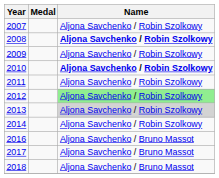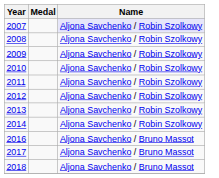 <table class="wikitable" style="font-size:90%">
 <tr>
 <th>Year</th>
 <th>Medal</th>
 <th>Name</th>
 </tr>
 <tr>
 <td><a href='#'>2007</a></td>
 <td></td>
-<td><a href='#'>Aljona Savchenko</a> / <a href='#'>Robin Szolkowy</a></td>
+<td style="background: lavender;"><a href='#'>Aljona Savchenko</a> / <a href='#'>Robin Szolkowy</a></td>
 </tr>
 <tr>
 <td><a href='#'>2008</a></td>
 <td></td>
-<td><strong><a href='#'>Aljona Savchenko</a> / <a href='#'>Robin Szolkowy</a></strong></td>
+<td><a href='#'>Aljona Savchenko</a> / <a href='#'>Robin Szolkowy</a></td>
 </tr>
 <tr>
 <td><a href='#'>2009</a></td>
 <td></td>
 <td><a href='#'>Aljona Savchenko</a> / <a href='#'>Robin Szolkowy</a></td>
 </tr>
 <tr>
 <td><a href='#'>2010</a></td>
 <td></td>
-<td><strong><a href='#'>Aljona Savchenko</a> / <a href='#'>Robin Szolkowy</a></strong></td>
+<td><a href='#'>Aljona Savchenko</a> / <a href='#'>Robin Szolkowy</a></td>
 </tr>
 <tr>
 <td><a href='#'>2011</a></td>
 <td></td>
 <td><a href='#'>Aljona Savchenko</a> / <a href='#'>Robin Szolkowy</a></td>
 </tr>
 <tr>
 <td><a href='#'>2012</a></td>
 <td></td>
-<td style="background: lightgreen;"><a href='#'>Aljona Savchenko</a> / <a href='#'>Robin Szolkowy</a></td>
+<td><a href='#'>Aljona Savchenko</a> / <a href='#'>Robin Szolkowy</a></td>
 </tr>
 <tr>
 <td><a href='#'>2013</a></td>
 <td></td>
-<td style="background: lightgrey;"><a href='#'>Aljona Savchenko</a> / <a href='#'>Robin Szolkowy</a></td>
+<td><a href='#'>Aljona Savchenko</a> / <a href='#'>Robin Szolkowy</a></td>
 </tr>
 <tr>
 <td><a href='#'>2014</a></td>
 <td></td>
 <td><a href='#'>Aljona Savchenko</a> / <a href='#'>Robin Szolkowy</a></td>
 </tr>
 <tr>
 <td><a href='#'>2016</a></td>
 <td></td>
 <td><a href='#'>Aljona Savchenko</a> / <a href='#'>Bruno Massot</a></td>
 </tr>
 <tr>
 <td><a href='#'>2017</a></td>
 <td></td>
 <td><a href='#'>Aljona Savchenko</a> / <a href='#'>Bruno Massot</a></td>
 </tr>
 <tr>
 <td><a href='#'>2018</a></td>
 <td></td>
 <td><a href='#'>Aljona Savchenko</a> / <a href='#'>Bruno Massot</a></td>
 </tr>
 <tr>
 </tr>
 </table>
